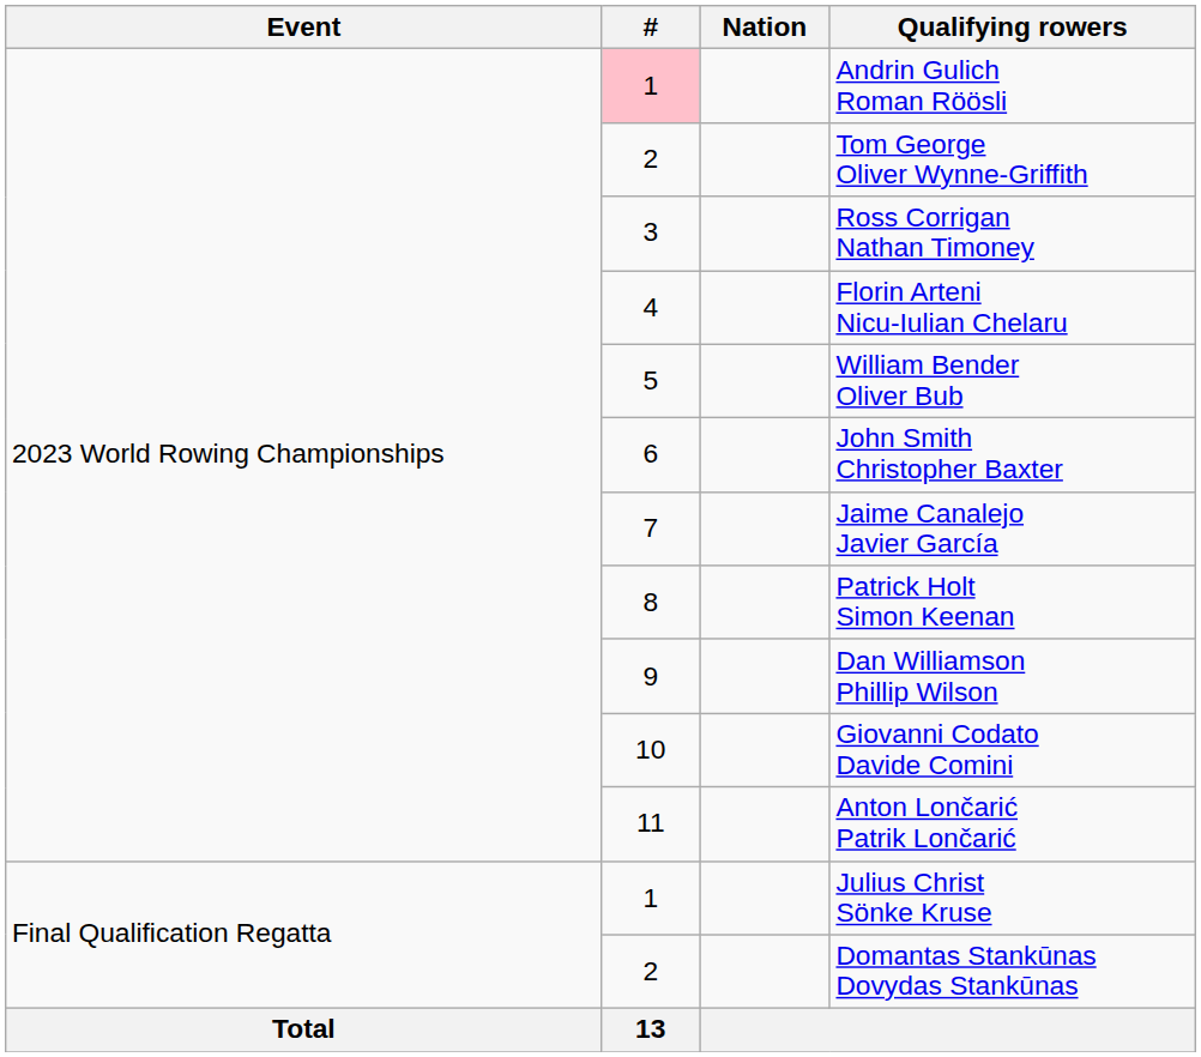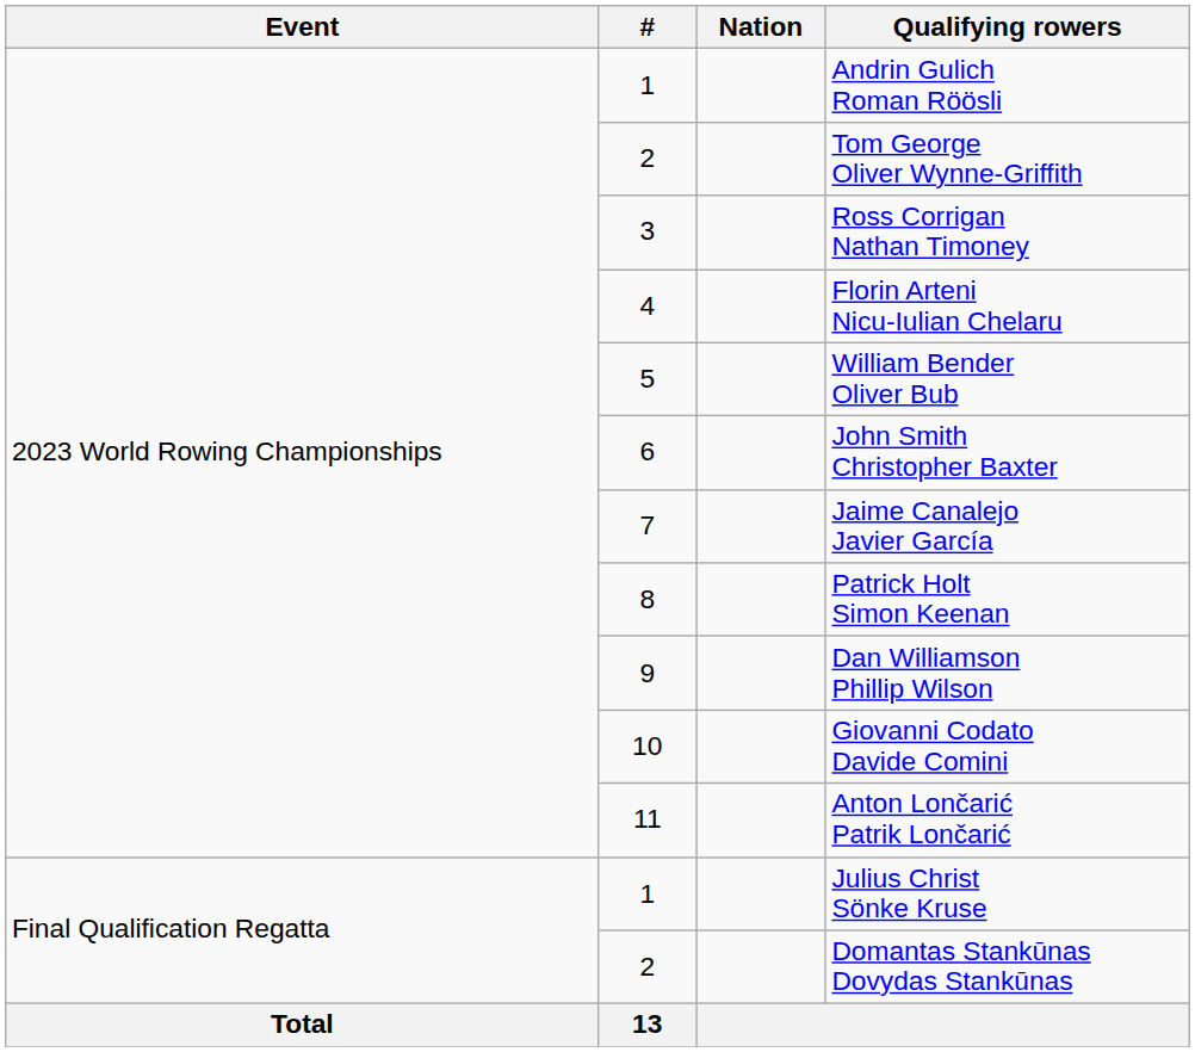 <table class="wikitable"  style="width:700px; text-align:center;">
 <tr>
 <th>Event</th>
 <th width=50>#</th>
 <th>Nation</th>
 <th>Qualifying rowers</th>
 </tr>
 <tr>
 <td rowspan=11 align=left>2023 World Rowing Championships</td>
-<td style="background: pink;">1</td>
+<td>1</td>
 <td align=left></td>
 <td align=left><a href='#'>Andrin Gulich</a><br><a href='#'>Roman Röösli</a></td>
 </tr>
 <tr>
 <td>2</td>
 <td align=left></td>
 <td align=left><a href='#'>Tom George</a><br><a href='#'>Oliver Wynne-Griffith</a></td>
 </tr>
 <tr>
 <td>3</td>
 <td align=left></td>
 <td align=left><a href='#'>Ross Corrigan</a><br><a href='#'>Nathan Timoney</a></td>
 </tr>
 <tr>
 <td>4</td>
 <td align=left></td>
 <td align=left><a href='#'>Florin Arteni</a><br><a href='#'>Nicu-Iulian Chelaru</a></td>
 </tr>
 <tr>
 <td>5</td>
 <td align=left></td>
 <td align=left><a href='#'>William Bender</a><br><a href='#'>Oliver Bub</a></td>
 </tr>
 <tr>
 <td>6</td>
 <td align=left></td>
 <td align=left><a href='#'>John Smith</a><br><a href='#'>Christopher Baxter</a></td>
 </tr>
 <tr>
 <td>7</td>
 <td align=left></td>
 <td align=left><a href='#'>Jaime Canalejo</a><br><a href='#'>Javier García</a></td>
 </tr>
 <tr>
 <td>8</td>
 <td align=left></td>
 <td align=left><a href='#'>Patrick Holt</a><br><a href='#'>Simon Keenan</a></td>
 </tr>
 <tr>
 <td>9</td>
 <td align=left></td>
 <td align=left><a href='#'>Dan Williamson</a><br><a href='#'>Phillip Wilson</a></td>
 </tr>
 <tr>
 <td>10</td>
 <td align=left></td>
 <td align=left><a href='#'>Giovanni Codato</a><br><a href='#'>Davide Comini</a></td>
 </tr>
 <tr>
 <td>11</td>
 <td align=left></td>
 <td align=left><a href='#'>Anton Lončarić</a><br><a href='#'>Patrik Lončarić</a></td>
 </tr>
 <tr>
 <td rowspan=2 align=left>Final Qualification Regatta</td>
 <td>1</td>
 <td align=left></td>
 <td align=left><a href='#'>Julius Christ</a><br><a href='#'>Sönke Kruse</a></td>
 </tr>
 <tr>
 <td>2</td>
 <td align=left></td>
 <td align=left><a href='#'>Domantas Stankūnas</a><br><a href='#'>Dovydas Stankūnas</a></td>
 </tr>
 <tr>
 <th>Total</th>
 <th>13</th>
 <th colspan=2></th>
 </tr>
 </table>
